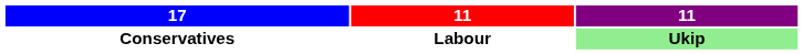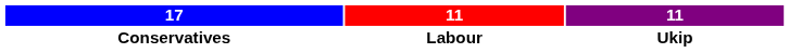 <table style="width:60%; text-align:center;">
 <tr style="color:white;">
 <td style="background:blue; width:43.6%;"><strong>17</strong></td>
 <td style="background:red; width:28.2%;"><strong>11</strong></td>
 <td style="background:purple; width:28.2%;"><strong>11</strong></td>
 </tr>
 <tr>
 <td><span><strong>Conservatives</strong></span></td>
 <td><span><strong>Labour</strong></span></td>
-<td style="background: lightgreen;"><span><strong>Ukip</strong></span></td>
+<td><span><strong>Ukip</strong></span></td>
 </tr>
 </table>
